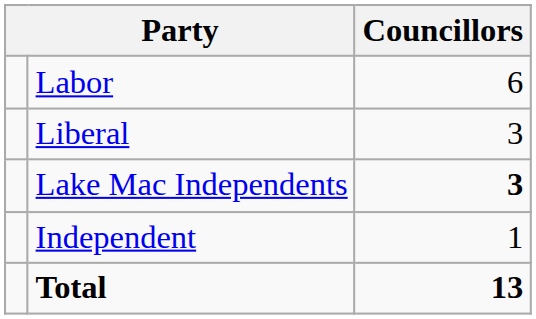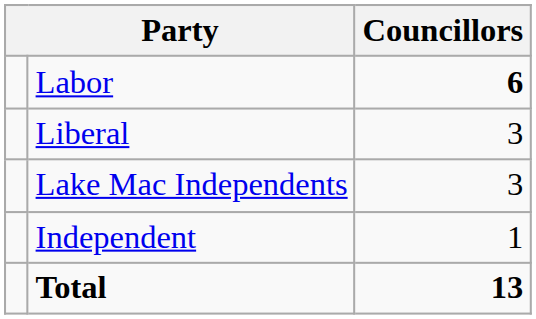 <table class="wikitable plainrowheaders">
 <tr>
 <th scope="col" colspan="2">Party</th>
 <th scope="col">Councillors</th>
 </tr>
 <tr>
 <td scope="row" > </td>
 <td><a href='#'>Labor</a></td>
-<td align=right>6</td>
+<td align=right><strong>6</strong></td>
 </tr>
 <tr>
 <td scope="row" > </td>
 <td><a href='#'>Liberal</a></td>
 <td align=right>3</td>
 </tr>
 <tr>
 <td scope="row" > </td>
 <td><a href='#'>Lake Mac Independents</a></td>
-<td align=right><strong>3</strong></td>
+<td align=right>3</td>
 </tr>
 <tr>
 <td scope="row" > </td>
 <td><a href='#'>Independent</a></td>
 <td align=right>1</td>
 </tr>
 <tr>
 <td></td>
 <td><strong>Total</strong></td>
 <td align=right><strong>13</strong></td>
 </tr>
 </table>
